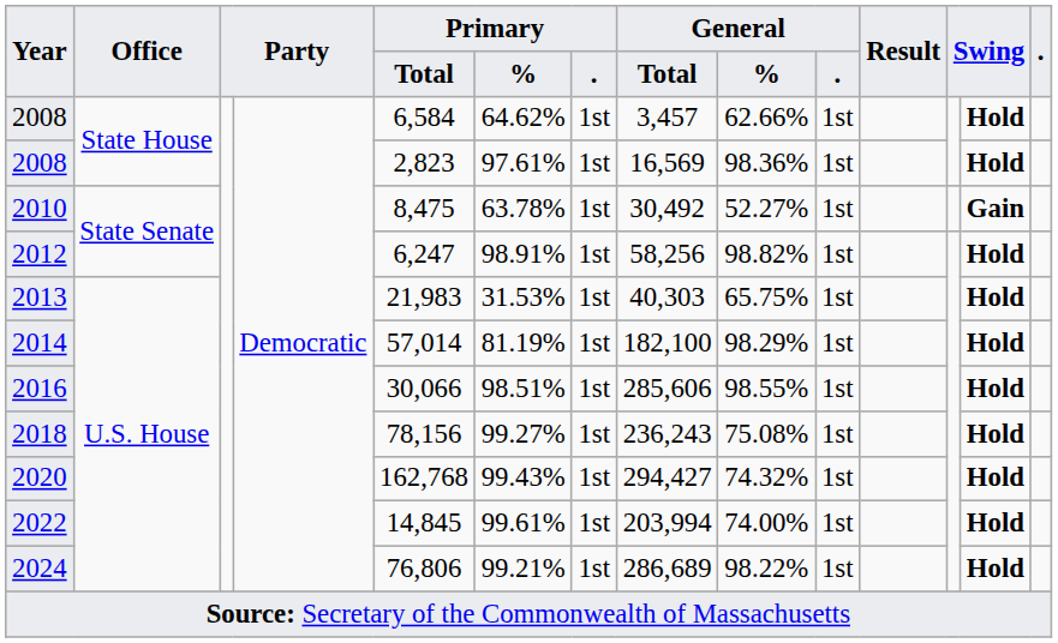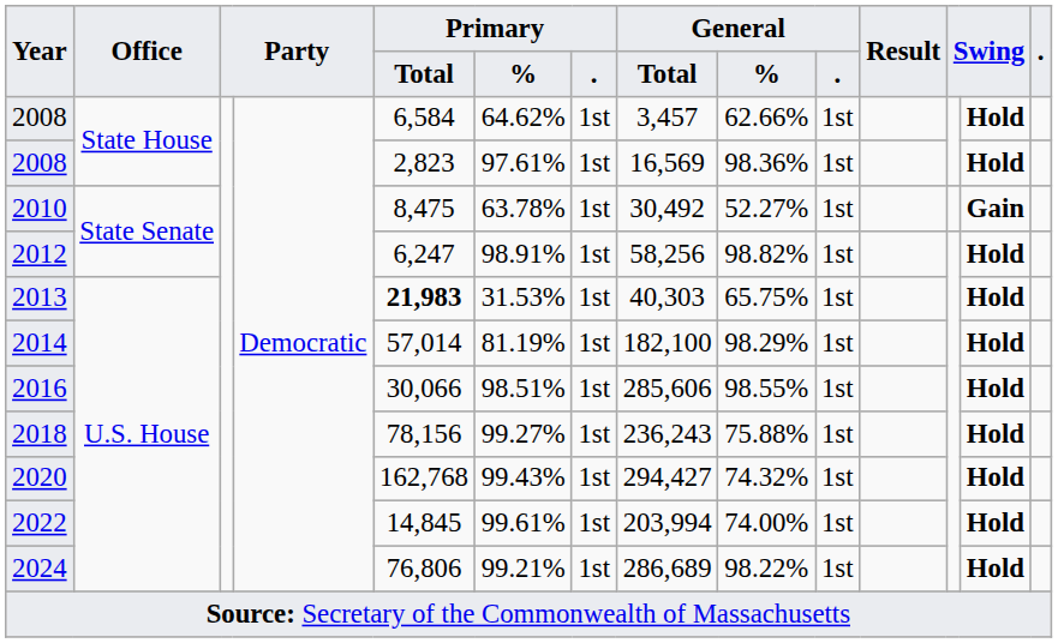 <table class="wikitable" style="font-size:90%; text-align:center;">
 <tr>
 <th style="background-color:#EAECF0;" rowspan=2>Year</th>
 <th style="background-color:#EAECF0;" rowspan=2>Office</th>
 <th style="background-color:#EAECF0;" colspan=2 rowspan=2>Party</th>
 <th style="background-color:#EAECF0;" colspan=3>Primary</th>
 <th style="background-color:#EAECF0;" colspan=3>General</th>
 <th style="background-color:#EAECF0;" rowspan=2>Result</th>
 <th style="background-color:#EAECF0;" colspan=2 rowspan=2><a href='#'>Swing</a></th>
 <th style="background-color:#EAECF0;" rowspan=2>.</th>
 </tr>
 <tr>
 <th style="background-color:#EAECF0;">Total</th>
 <th style="background-color:#EAECF0;">%</th>
 <th style="background-color:#EAECF0;">.</th>
 <th style="background-color:#EAECF0;">Total</th>
 <th style="background-color:#EAECF0;">%</th>
 <th style="background-color:#EAECF0;">.</th>
 </tr>
 <tr>
 <td style="background-color:#EAECF0;">2008</td>
 <td rowspan=2><a href='#'>State House</a></td>
 <td rowspan="11" style="background-color:"></td>
 <td rowspan="11"><a href='#'>Democratic</a></td>
 <td>6,584</td>
 <td>64.62%</td>
 <td>1st</td>
 <td>3,457</td>
 <td>62.66%</td>
 <td>1st</td>
 <td></td>
 <td rowspan="2" style="background-color:"></td>
 <td><strong>Hold</strong></td>
 <td></td>
 </tr>
 <tr>
 <td style="background-color:#EAECF0;"><a href='#'>2008</a></td>
 <td>2,823</td>
 <td>97.61%</td>
 <td>1st</td>
 <td>16,569</td>
 <td>98.36%</td>
 <td>1st</td>
 <td></td>
 <td><strong>Hold</strong></td>
 <td></td>
 </tr>
 <tr>
 <td style="background-color:#EAECF0;"><a href='#'>2010</a></td>
 <td rowspan=2><a href='#'>State Senate</a></td>
 <td>8,475</td>
 <td>63.78%</td>
 <td>1st</td>
 <td>30,492</td>
 <td>52.27%</td>
 <td>1st</td>
 <td></td>
 <td style="background-color:"></td>
 <td><strong>Gain</strong></td>
 <td></td>
 </tr>
 <tr>
 <td style="background-color:#EAECF0;"><a href='#'>2012</a></td>
 <td>6,247</td>
 <td>98.91%</td>
 <td>1st</td>
 <td>58,256</td>
 <td>98.82%</td>
 <td>1st</td>
 <td></td>
 <td rowspan="8" style="background-color:"></td>
 <td><strong>Hold</strong></td>
 <td></td>
 </tr>
 <tr>
 <td style="background-color:#EAECF0;"><a href='#'>2013</a></td>
 <td rowspan="7"><a href='#'>U.S. House</a></td>
-<td>21,983</td>
+<td><strong>21,983</strong></td>
 <td>31.53%</td>
 <td>1st</td>
 <td>40,303</td>
 <td>65.75%</td>
 <td>1st</td>
 <td></td>
 <td><strong>Hold</strong></td>
 <td></td>
 </tr>
 <tr>
 <td style="background-color:#EAECF0;"><a href='#'>2014</a></td>
 <td>57,014</td>
 <td>81.19%</td>
 <td>1st</td>
 <td>182,100</td>
 <td>98.29%</td>
 <td>1st</td>
 <td></td>
 <td><strong>Hold</strong></td>
 <td></td>
 </tr>
 <tr>
 <td style="background-color:#EAECF0;"><a href='#'>2016</a></td>
 <td>30,066</td>
 <td>98.51%</td>
 <td>1st</td>
 <td>285,606</td>
 <td>98.55%</td>
 <td>1st</td>
 <td></td>
 <td><strong>Hold</strong></td>
 <td></td>
 </tr>
 <tr>
 <td style="background-color:#EAECF0;"><a href='#'>2018</a></td>
 <td>78,156</td>
 <td>99.27%</td>
 <td>1st</td>
 <td>236,243</td>
-<td>75.08%</td>
+<td>75.88%</td>
 <td>1st</td>
 <td></td>
 <td><strong>Hold</strong></td>
 <td></td>
 </tr>
 <tr>
 <td style="background-color:#EAECF0;"><a href='#'>2020</a></td>
 <td>162,768</td>
 <td>99.43%</td>
 <td>1st</td>
 <td>294,427</td>
 <td>74.32%</td>
 <td>1st</td>
 <td></td>
 <td><strong>Hold</strong></td>
 <td></td>
 </tr>
 <tr>
 <td style="background-color:#EAECF0;"><a href='#'>2022</a></td>
 <td>14,845</td>
 <td>99.61%</td>
 <td>1st</td>
 <td>203,994</td>
 <td>74.00%</td>
 <td>1st</td>
 <td></td>
 <td><strong>Hold</strong></td>
 <td></td>
 </tr>
 <tr>
 <td style="background-color:#EAECF0;"><a href='#'>2024</a></td>
 <td>76,806</td>
 <td>99.21%</td>
 <td>1st</td>
 <td>286,689</td>
 <td>98.22%</td>
 <td>1st</td>
 <td></td>
 <td><strong>Hold</strong></td>
 <td></td>
 </tr>
 <tr>
 <td style="background-color:#EAECF0;" colspan=14><strong>Source:</strong> <a href='#'>Secretary of the Commonwealth of Massachusetts</a>  </td>
 </tr>
 </table>
